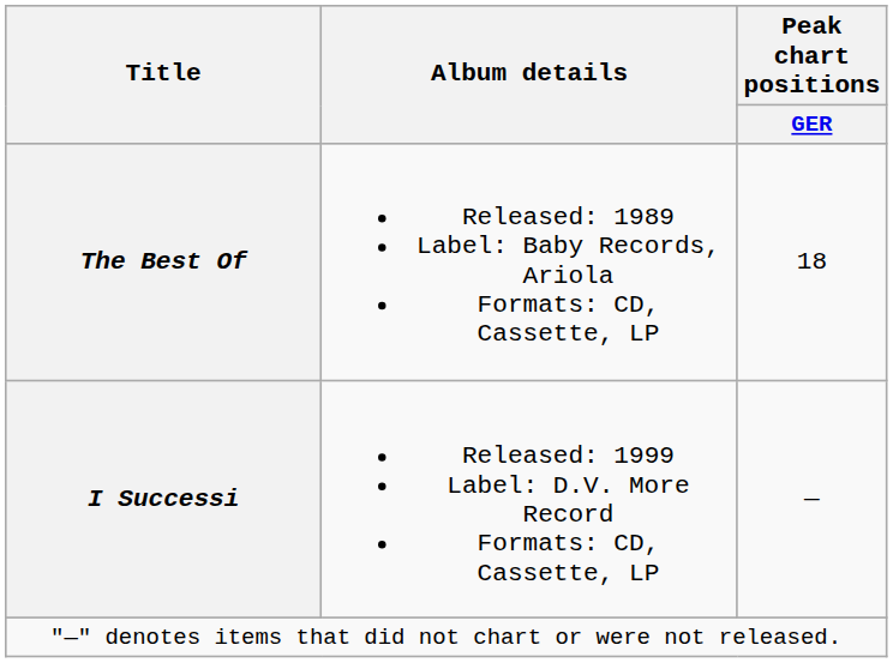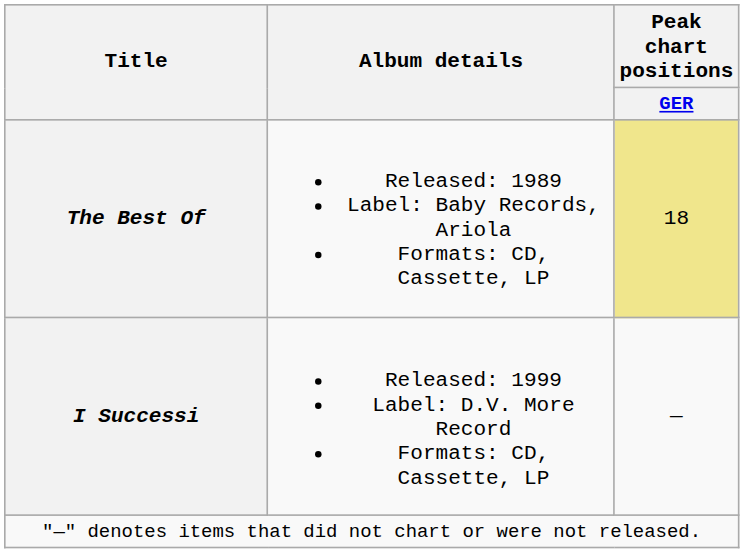 <table class="wikitable plainrowheaders" style="text-align:center;">
 <tr>
 <th scope="col" rowspan="2" style="width:12em;">Title</th>
 <th scope="col" rowspan="2" style="width:16em;">Album details</th>
 <th scope="col" colspan="1">Peak chart positions</th>
 </tr>
 <tr>
 <th scope="col" style="width:3em;font-size:90%;"><a href='#'>GER</a><br></th>
 </tr>
 <tr>
 <th scope="row"><em>The Best Of</em></th>
 <td><br><ul><li>Released: 1989</li><li>Label: Baby Records, Ariola</li><li>Formats: CD, Cassette, LP</li></ul></td>
-<td>18</td>
+<td style="background: khaki;">18</td>
 </tr>
 <tr>
 <th scope="row"><em> I Successi</em></th>
 <td><br><ul><li>Released: 1999</li><li>Label: D.V. More Record</li><li>Formats: CD, Cassette, LP</li></ul></td>
 <td>—</td>
 </tr>
 <tr>
 <td colspan="10" style="text-align:center; font-size:90%;">"—" denotes items that did not chart or were not released.</td>
 </tr>
 </table>
